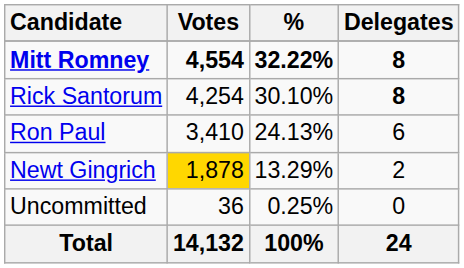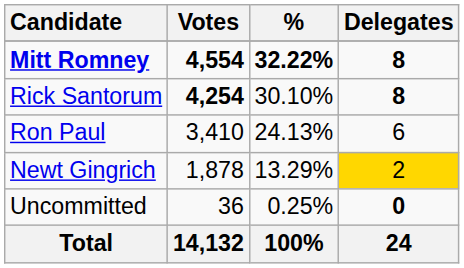 <table class="wikitable sortable plainrowheaders" style="text-align:right;">
 <tr>
 <th style="text-align:left;">Candidate</th>
 <th>Votes</th>
 <th>%</th>
 <th>Delegates</th>
 </tr>
 <tr>
 </tr>
 <tr>
 <td style="text-align:left;"><strong><a href='#'>Mitt Romney</a></strong></td>
 <td><strong>4,554</strong></td>
 <td><strong>32.22%</strong></td>
 <td style="text-align:center;"><strong>8</strong></td>
 </tr>
 <tr>
 <td style="text-align:left;"><a href='#'>Rick Santorum</a></td>
-<td>4,254</td>
+<td><strong>4,254</strong></td>
 <td>30.10%</td>
 <td style="text-align:center;"><strong>8</strong></td>
 </tr>
 <tr>
 <td style="text-align:left;"><a href='#'>Ron Paul</a></td>
 <td>3,410</td>
 <td>24.13%</td>
 <td style="text-align:center;">6</td>
 </tr>
 <tr>
 <td style="text-align:left;"><a href='#'>Newt Gingrich</a></td>
-<td style="background: gold;">1,878</td>
+<td>1,878</td>
 <td>13.29%</td>
-<td style="text-align:center;">2</td>
+<td style="background: gold; text-align:center;">2</td>
 </tr>
 <tr>
 <td style="text-align:left;">Uncommitted</td>
 <td>36</td>
 <td>0.25%</td>
-<td style="text-align:center;">0</td>
+<td style="text-align:center;"><strong>0</strong></td>
 </tr>
 <tr class="sortbottom">
 <th>Total</th>
 <th><strong>14,132</strong></th>
 <th>100%</th>
 <th>24</th>
 </tr>
 </table>
